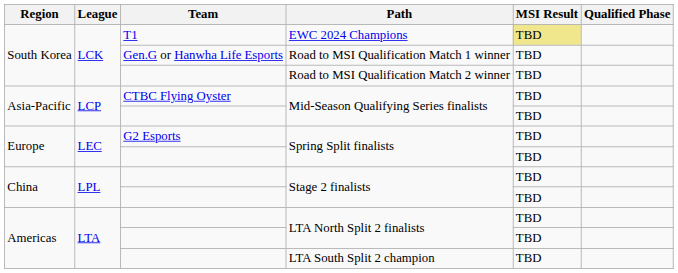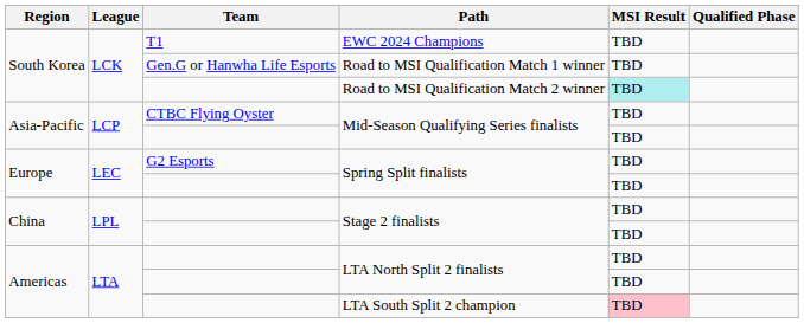 <table class="wikitable" style="white-space:nowrap;">
 <tr>
 <th>Region</th>
 <th>League</th>
 <th>Team</th>
 <th>Path</th>
 <th>MSI Result</th>
 <th>Qualified Phase</th>
 </tr>
 <tr>
 <td rowspan=3>South Korea</td>
 <td rowspan=3><a href='#'>LCK</a></td>
 <td><a href='#'>T1</a></td>
 <td><a href='#'>EWC 2024 Champions</a></td>
-<td style="background: khaki;">TBD</td>
+<td>TBD</td>
 </tr>
 <tr>
 <td><a href='#'>Gen.G</a> or <a href='#'>Hanwha Life Esports</a></td>
 <td>Road to MSI Qualification Match 1 winner</td>
 <td>TBD</td>
 <td></td>
 </tr>
 <tr>
 <td></td>
 <td>Road to MSI Qualification Match 2 winner</td>
-<td>TBD</td>
+<td style="background: paleturquoise;">TBD</td>
 <td></td>
 </tr>
 <tr>
 <td rowspan=2>Asia-Pacific</td>
 <td rowspan=2><a href='#'>LCP</a></td>
 <td><a href='#'>CTBC Flying Oyster</a></td>
 <td rowspan=2>Mid-Season Qualifying Series finalists</td>
 <td>TBD</td>
 <td></td>
 </tr>
 <tr>
 <td></td>
 <td>TBD</td>
 <td></td>
 </tr>
 <tr>
 <td rowspan=2>Europe</td>
 <td rowspan=2><a href='#'>LEC</a></td>
 <td><a href='#'>G2 Esports</a></td>
 <td rowspan=2>Spring Split finalists</td>
 <td>TBD</td>
 <td></td>
 </tr>
 <tr>
 <td></td>
 <td>TBD</td>
 <td></td>
 </tr>
 <tr>
 <td rowspan=2>China</td>
 <td rowspan=2><a href='#'>LPL</a></td>
 <td></td>
 <td rowspan=2>Stage 2 finalists</td>
 <td>TBD</td>
 <td></td>
 </tr>
 <tr>
 <td></td>
 <td>TBD</td>
 <td></td>
 </tr>
 <tr>
 <td rowspan=3>Americas</td>
 <td rowspan=3><a href='#'>LTA</a></td>
 <td></td>
 <td rowspan=2>LTA North Split 2 finalists</td>
 <td>TBD</td>
 <td></td>
 </tr>
 <tr>
 <td></td>
 <td>TBD</td>
 <td></td>
 </tr>
 <tr>
 <td></td>
 <td>LTA South Split 2 champion</td>
-<td>TBD</td>
+<td style="background: pink;">TBD</td>
 <td></td>
 </tr>
 </table>
